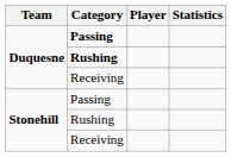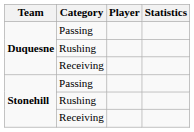 <table class="wikitable" style="float: right;">
 <tr>
 <th>Team</th>
 <th>Category</th>
 <th>Player</th>
 <th>Statistics</th>
 </tr>
 <tr>
 <td rowspan=3><strong>Duquesne</strong></td>
-<td><strong>Passing</strong></td>
+<td>Passing</td>
 <td></td>
 <td></td>
 </tr>
 <tr>
-<td><strong>Rushing</strong></td>
+<td>Rushing</td>
 <td></td>
 <td></td>
 </tr>
 <tr>
 <td>Receiving</td>
 <td></td>
 <td></td>
 </tr>
 <tr>
 <td rowspan=3><strong>Stonehill</strong></td>
 <td>Passing</td>
 <td></td>
 <td></td>
 </tr>
 <tr>
 <td>Rushing</td>
 <td></td>
 <td></td>
 </tr>
 <tr>
 <td>Receiving</td>
 <td></td>
 <td></td>
 </tr>
 </table>
